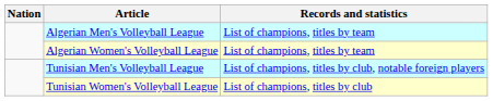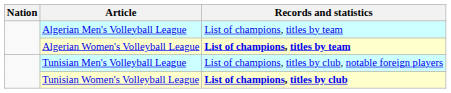 <table class="wikitable">
 <tr>
 <th>Nation</th>
 <th>Article</th>
 <th>Records and statistics</th>
 </tr>
 <tr>
 <td rowspan="2"></td>
 <td style="background-color: #cff;"><a href='#'>Algerian Men's Volleyball League</a></td>
 <td style="background-color: #cff;"><a href='#'>List of champions</a>, <a href='#'>titles by team</a></td>
 </tr>
 <tr style="background-color: #ffc;">
 <td><a href='#'>Algerian Women's Volleyball League</a></td>
-<td><a href='#'>List of champions</a>, <a href='#'>titles by team</a></td>
+<td><strong><a href='#'>List of champions</a>, <a href='#'>titles by team</a></strong></td>
 </tr>
 <tr>
 <td rowspan="2"></td>
 <td style="background-color: #cff;"><a href='#'>Tunisian Men's Volleyball League</a></td>
 <td style="background-color: #cff;"><a href='#'>List of champions</a>, <a href='#'>titles by club</a>, <a href='#'>notable foreign players</a></td>
 </tr>
 <tr style="background-color: #ffc;">
 <td><a href='#'>Tunisian Women's Volleyball League</a></td>
-<td><a href='#'>List of champions</a>, <a href='#'>titles by club</a></td>
+<td><strong><a href='#'>List of champions</a>, <a href='#'>titles by club</a></strong></td>
 </tr>
 </table>
